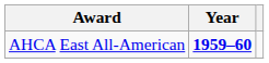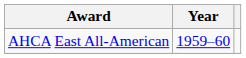 <table class="wikitable">
 <tr>
 <th>Award</th>
 <th>Year</th>
 <th></th>
 </tr>
 <tr>
 <td><a href='#'>AHCA</a> <a href='#'>East All-American</a></td>
-<td><strong><a href='#'>1959–60</a></strong></td>
+<td><a href='#'>1959–60</a></td>
 <td></td>
 </tr>
 <tr>
 </tr>
 </table>
